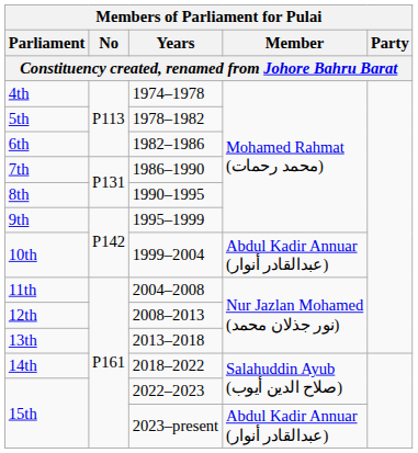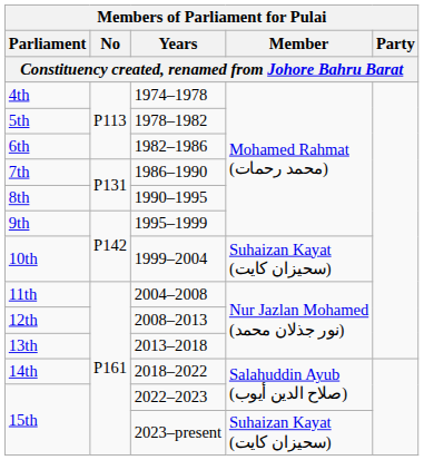 <table class=wikitable>
 <tr>
 <th colspan="5">Members of Parliament for Pulai</th>
 </tr>
 <tr>
 <th>Parliament</th>
 <th>No</th>
 <th>Years</th>
 <th>Member</th>
 <th>Party</th>
 </tr>
 <tr>
 <th colspan="5" align="center"><em>Constituency created, renamed from <a href='#'>Johore Bahru Barat</a></em></th>
 </tr>
 <tr>
 <td><a href='#'>4th</a></td>
 <td rowspan="3">P113</td>
 <td>1974–1978</td>
 <td rowspan=6><a href='#'>Mohamed Rahmat</a> <br> (محمد رحمات)</td>
 <td rowspan="10"></td>
 </tr>
 <tr>
 <td><a href='#'>5th</a></td>
 <td>1978–1982</td>
 </tr>
 <tr>
 <td><a href='#'>6th</a></td>
 <td>1982–1986</td>
 </tr>
 <tr>
 <td><a href='#'>7th</a></td>
 <td rowspan="2">P131</td>
 <td>1986–1990</td>
 </tr>
 <tr>
 <td><a href='#'>8th</a></td>
 <td>1990–1995</td>
 </tr>
 <tr>
 <td><a href='#'>9th</a></td>
 <td rowspan="2">P142</td>
 <td>1995–1999</td>
 </tr>
 <tr>
 <td><a href='#'>10th</a></td>
 <td>1999–2004</td>
-<td><a href='#'>Abdul Kadir Annuar</a> <br> (عبدالقادر أنوار)</td>
+<td><a href='#'>Suhaizan Kayat</a>  <br>(سحيزان كايت)</td>
 </tr>
 <tr>
 <td><a href='#'>11th</a></td>
 <td rowspan="6">P161</td>
 <td>2004–2008</td>
 <td rowspan=3><a href='#'>Nur Jazlan Mohamed</a><br> (نور جذلان محمد)</td>
 </tr>
 <tr>
 <td><a href='#'>12th</a></td>
 <td>2008–2013</td>
 </tr>
 <tr>
 <td><a href='#'>13th</a></td>
 <td>2013–2018</td>
 </tr>
 <tr>
 <td><a href='#'>14th</a></td>
 <td>2018–2022</td>
 <td rowspan="2"><a href='#'>Salahuddin Ayub</a>  <br>(صلاح الدين أيوب‎)</td>
 <td rowspan="3"></td>
 </tr>
 <tr>
 <td rowspan="2"><a href='#'>15th</a></td>
 <td>2022–2023</td>
 </tr>
 <tr>
 <td>2023–present</td>
-<td><a href='#'>Abdul Kadir Annuar</a> <br> (عبدالقادر أنوار)</td>
+<td><a href='#'>Suhaizan Kayat</a>  <br>(سحيزان كايت)</td>
 </tr>
 </table>
